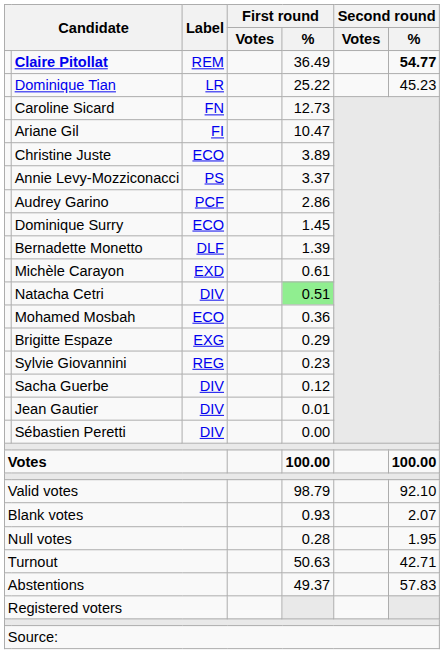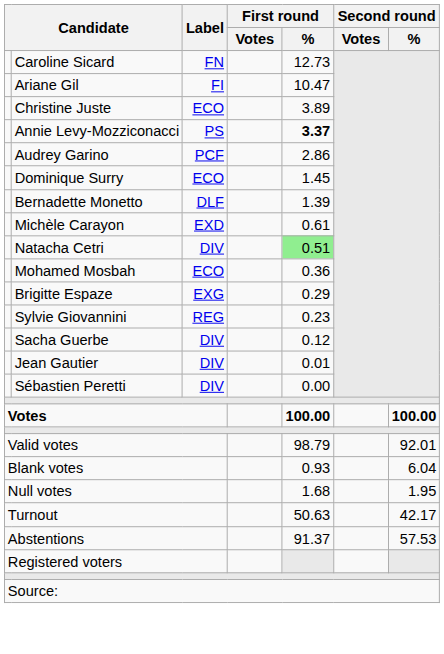 <table class="wikitable" style="text-align:right;font-size:95%;">
 <tr>
 <th rowspan="2" colspan="2">Candidate</th>
 <th rowspan="2">Label</th>
 <th colspan="2">First round</th>
 <th colspan="2">Second round</th>
 </tr>
 <tr>
 <th style="width:50px;">Votes</th>
 <th style="width:45px;">%</th>
 <th style="width:50px;">Votes</th>
 <th style="width:45px;">%</th>
-</tr>
-<tr>
-<td style="color:inherit;background:"></td>
-<td style="text-align:left;"><strong><a href='#'>Claire Pitollat</a></strong></td>
-<td><a href='#'>REM</a></td>
-<td></td>
-<td>36.49</td>
-<td><strong></strong></td>
-<td><strong>54.77</strong></td>
-</tr>
-<tr>
-<td style="color:inherit;background:"></td>
-<td style="text-align:left;"><a href='#'>Dominique Tian</a></td>
-<td><a href='#'>LR</a></td>
-<td></td>
-<td>25.22</td>
-<td></td>
-<td>45.23</td>
 </tr>
 <tr>
 <td style="color:inherit;background:"></td>
 <td style="text-align:left;">Caroline Sicard</td>
 <td><a href='#'>FN</a></td>
 <td></td>
 <td>12.73</td>
 <td colspan="2" rowspan="15" style="background:#E9E9E9;"></td>
 </tr>
 <tr>
 <td style="color:inherit;background:"></td>
 <td style="text-align:left;">Ariane Gil</td>
 <td><a href='#'>FI</a></td>
 <td></td>
 <td>10.47</td>
 </tr>
 <tr>
 <td style="color:inherit;background:"></td>
 <td style="text-align:left;">Christine Juste</td>
 <td><a href='#'>ECO</a></td>
 <td></td>
 <td>3.89</td>
 </tr>
 <tr>
 <td style="color:inherit;background:"></td>
 <td style="text-align:left;">Annie Levy-Mozziconacci</td>
 <td><a href='#'>PS</a></td>
 <td></td>
-<td>3.37</td>
+<td><strong>3.37</strong></td>
 </tr>
 <tr>
 <td style="color:inherit;background:"></td>
 <td style="text-align:left;">Audrey Garino</td>
 <td><a href='#'>PCF</a></td>
 <td></td>
 <td>2.86</td>
 </tr>
 <tr>
 <td style="color:inherit;background:"></td>
 <td style="text-align:left;">Dominique Surry</td>
 <td><a href='#'>ECO</a></td>
 <td></td>
 <td>1.45</td>
 </tr>
 <tr>
 <td style="color:inherit;background:"></td>
 <td style="text-align:left;">Bernadette Monetto</td>
 <td><a href='#'>DLF</a></td>
 <td></td>
 <td>1.39</td>
 </tr>
 <tr>
 <td style="color:inherit;background:"></td>
 <td style="text-align:left;">Michèle Carayon</td>
 <td><a href='#'>EXD</a></td>
 <td></td>
 <td>0.61</td>
 </tr>
 <tr>
 <td style="color:inherit;background:"></td>
 <td style="text-align:left;">Natacha Cetri</td>
 <td><a href='#'>DIV</a></td>
 <td></td>
 <td style="background: lightgreen;">0.51</td>
 </tr>
 <tr>
 <td style="color:inherit;background:"></td>
 <td style="text-align:left;">Mohamed Mosbah</td>
 <td><a href='#'>ECO</a></td>
 <td></td>
 <td>0.36</td>
 </tr>
 <tr>
 <td style="color:inherit;background:"></td>
 <td style="text-align:left;">Brigitte Espaze</td>
 <td><a href='#'>EXG</a></td>
 <td></td>
 <td>0.29</td>
 </tr>
 <tr>
 <td style="color:inherit;background:"></td>
 <td style="text-align:left;">Sylvie Giovannini</td>
 <td><a href='#'>REG</a></td>
 <td></td>
 <td>0.23</td>
 </tr>
 <tr>
 <td style="color:inherit;background:"></td>
 <td style="text-align:left;">Sacha Guerbe</td>
 <td><a href='#'>DIV</a></td>
 <td></td>
 <td>0.12</td>
 </tr>
 <tr>
 <td style="color:inherit;background:"></td>
 <td style="text-align:left;">Jean Gautier</td>
 <td><a href='#'>DIV</a></td>
 <td></td>
 <td>0.01</td>
 </tr>
 <tr>
 <td style="color:inherit;background:"></td>
 <td style="text-align:left;">Sébastien Peretti</td>
 <td><a href='#'>DIV</a></td>
 <td></td>
 <td>0.00</td>
 </tr>
 <tr>
 <td colspan="7" style="background:#E9E9E9;"></td>
 </tr>
 <tr style="font-weight:bold;">
 <td colspan="3" style="text-align:left;">Votes</td>
 <td></td>
 <td>100.00</td>
 <td></td>
 <td>100.00</td>
 </tr>
 <tr>
 <td colspan="7" style="background:#E9E9E9;"></td>
 </tr>
 <tr>
 <td colspan="3" style="text-align:left;">Valid votes</td>
 <td></td>
 <td>98.79</td>
 <td></td>
-<td>92.10</td>
+<td>92.01</td>
 </tr>
 <tr>
 <td colspan="3" style="text-align:left;">Blank votes</td>
 <td></td>
 <td>0.93</td>
 <td></td>
-<td>2.07</td>
+<td>6.04</td>
 </tr>
 <tr>
 <td colspan="3" style="text-align:left;">Null votes</td>
 <td></td>
-<td>0.28</td>
+<td>1.68</td>
 <td></td>
 <td>1.95</td>
 </tr>
 <tr>
 <td colspan="3" style="text-align:left;">Turnout</td>
 <td></td>
 <td>50.63</td>
 <td></td>
-<td>42.71</td>
+<td>42.17</td>
 </tr>
 <tr>
 <td colspan="3" style="text-align:left;">Abstentions</td>
 <td></td>
-<td>49.37</td>
+<td>91.37</td>
 <td></td>
-<td>57.83</td>
+<td>57.53</td>
 </tr>
 <tr>
 <td colspan="3" style="text-align:left;">Registered voters</td>
 <td></td>
 <td style="background:#E9E9E9;"></td>
 <td></td>
 <td style="background:#E9E9E9;"></td>
 </tr>
 <tr>
 <td colspan="7" style="background:#E9E9E9;"></td>
 </tr>
 <tr>
 <td colspan="7" style="text-align:left;">Source: </td>
 </tr>
 </table>
